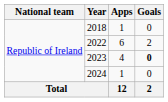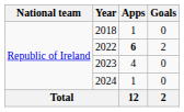 <table class=wikitable style=text-align:center>
 <tr>
 <th>National team</th>
 <th>Year</th>
 <th>Apps</th>
 <th>Goals</th>
 </tr>
 <tr>
 <td rowspan="4"><a href='#'>Republic of Ireland</a></td>
 <td>2018</td>
 <td>1</td>
 <td>0</td>
 </tr>
 <tr>
 <td>2022</td>
-<td>6</td>
+<td><strong>6</strong></td>
 <td>2</td>
 </tr>
 <tr>
 <td>2023</td>
 <td>4</td>
-<td><strong>0</strong></td>
+<td>0</td>
 </tr>
 <tr>
 <td>2024</td>
 <td>1</td>
 <td>0</td>
 </tr>
 <tr>
 <th colspan=2>Total</th>
 <th>12</th>
 <th>2</th>
 </tr>
 </table>
